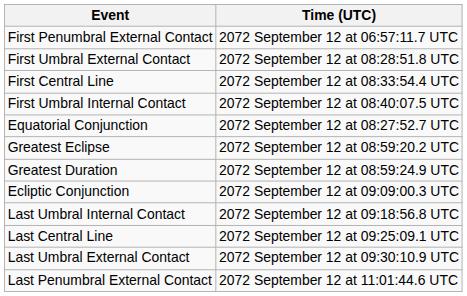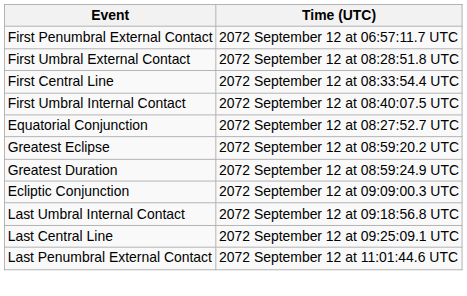 <table class="wikitable">
 <tr>
 <th>Event</th>
 <th>Time (UTC)</th>
 </tr>
 <tr>
 <td>First Penumbral External Contact</td>
 <td>2072 September 12 at 06:57:11.7 UTC</td>
 </tr>
 <tr>
 <td>First Umbral External Contact</td>
 <td>2072 September 12 at 08:28:51.8 UTC</td>
 </tr>
 <tr>
 <td>First Central Line</td>
 <td>2072 September 12 at 08:33:54.4 UTC</td>
 </tr>
 <tr>
 <td>First Umbral Internal Contact</td>
 <td>2072 September 12 at 08:40:07.5 UTC</td>
 </tr>
 <tr>
 <td>Equatorial Conjunction</td>
 <td>2072 September 12 at 08:27:52.7 UTC</td>
 </tr>
 <tr>
 <td>Greatest Eclipse</td>
 <td>2072 September 12 at 08:59:20.2 UTC</td>
 </tr>
 <tr>
 <td>Greatest Duration</td>
 <td>2072 September 12 at 08:59:24.9 UTC</td>
 </tr>
 <tr>
 <td>Ecliptic Conjunction</td>
 <td>2072 September 12 at 09:09:00.3 UTC</td>
 </tr>
 <tr>
 <td>Last Umbral Internal Contact</td>
 <td>2072 September 12 at 09:18:56.8 UTC</td>
 </tr>
 <tr>
 <td>Last Central Line</td>
 <td>2072 September 12 at 09:25:09.1 UTC</td>
 </tr>
 <tr>
-<td>Last Umbral External Contact</td>
-<td>2072 September 12 at 09:30:10.9 UTC</td>
-</tr>
-<tr>
 <td>Last Penumbral External Contact</td>
 <td>2072 September 12 at 11:01:44.6 UTC</td>
 </tr>
 </table>
